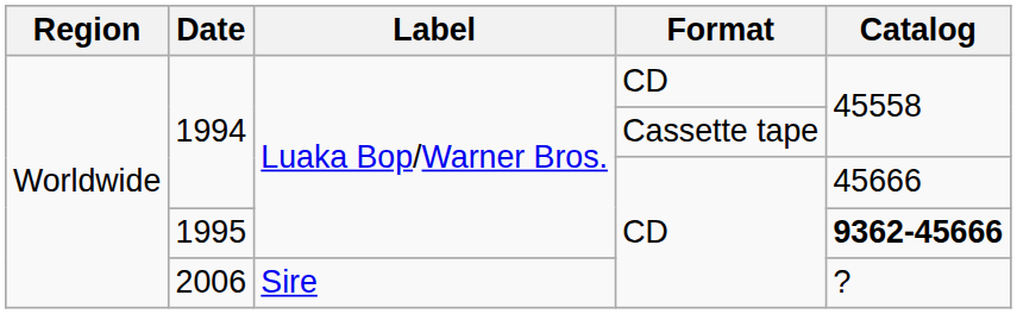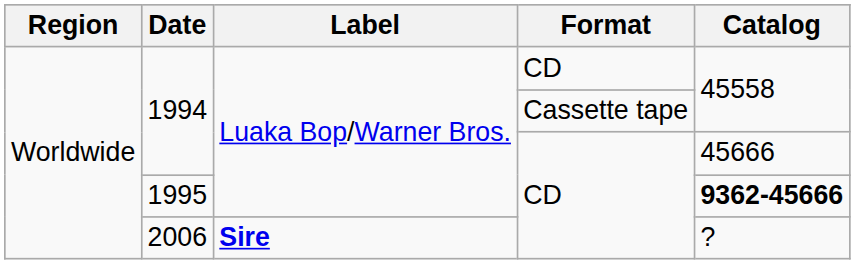 <table class="wikitable">
 <tr>
 <th>Region</th>
 <th>Date</th>
 <th>Label</th>
 <th>Format</th>
 <th>Catalog</th>
 </tr>
 <tr>
 <td rowspan="5">Worldwide</td>
 <td rowspan="3">1994</td>
 <td rowspan="4"><a href='#'>Luaka Bop</a>/<a href='#'>Warner Bros.</a></td>
 <td>CD</td>
 <td rowspan="2">45558</td>
 </tr>
 <tr>
 <td>Cassette tape</td>
 </tr>
 <tr>
 <td rowspan="3">CD</td>
 <td>45666</td>
 </tr>
 <tr>
 <td>1995</td>
 <td><strong>9362-45666</strong></td>
 </tr>
 <tr>
 <td>2006</td>
-<td><a href='#'>Sire</a></td>
+<td><strong><a href='#'>Sire</a></strong></td>
 <td>?</td>
 </tr>
 </table>
